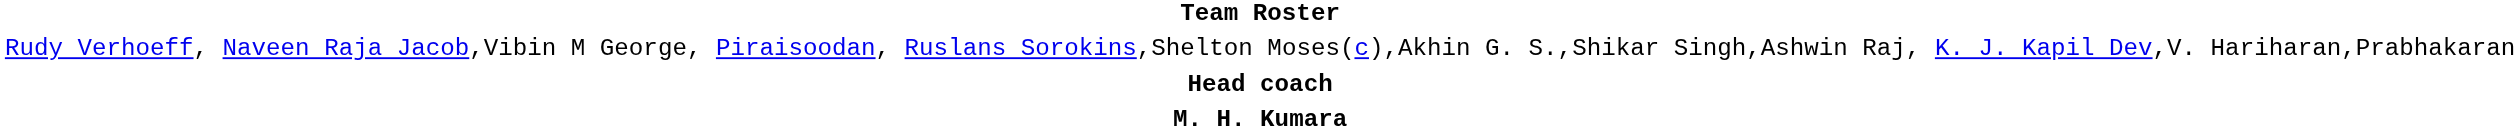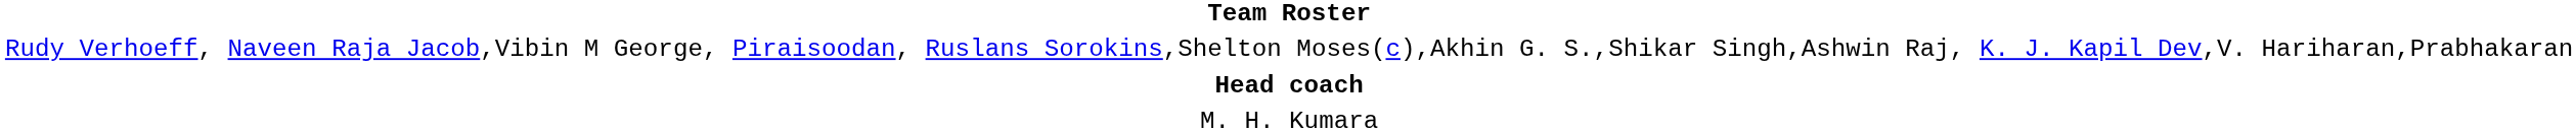 <table style="text-align: center; margin-top: 2em; margin-left: auto; margin-right: auto">
 <tr>
 <td><strong>Team Roster</strong></td>
 </tr>
 <tr>
 <td><a href='#'>Rudy Verhoeff</a>, <a href='#'>Naveen Raja Jacob</a>,Vibin M George, <a href='#'>Piraisoodan</a>, <a href='#'>Ruslans Sorokins</a>,Shelton Moses(<a href='#'>c</a>),Akhin G. S.,Shikar Singh,Ashwin Raj, <a href='#'>K. J.  Kapil Dev</a>,V. Hariharan,Prabhakaran</td>
 </tr>
 <tr>
 <td><strong>Head coach</strong></td>
 </tr>
 <tr>
-<td><strong>M. H. Kumara</strong></td>
+<td>M. H. Kumara</td>
 </tr>
 </table>
